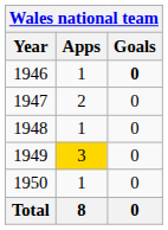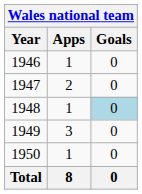 <table class="wikitable" style="text-align:center">
 <tr>
 <th colspan=3><a href='#'>Wales national team</a></th>
 </tr>
 <tr>
 <th>Year</th>
 <th>Apps</th>
 <th>Goals</th>
 </tr>
 <tr>
 <td>1946</td>
 <td>1</td>
-<td><strong>0</strong></td>
+<td>0</td>
 </tr>
 <tr>
 <td>1947</td>
 <td>2</td>
 <td>0</td>
 </tr>
 <tr>
 <td>1948</td>
 <td>1</td>
-<td>0</td>
+<td style="background: lightblue;">0</td>
 </tr>
 <tr>
 <td>1949</td>
-<td style="background: gold;">3</td>
+<td>3</td>
 <td>0</td>
 </tr>
 <tr>
 <td>1950</td>
 <td>1</td>
 <td>0</td>
 </tr>
 <tr>
 <th>Total</th>
 <th>8</th>
 <th>0</th>
 </tr>
 </table>
